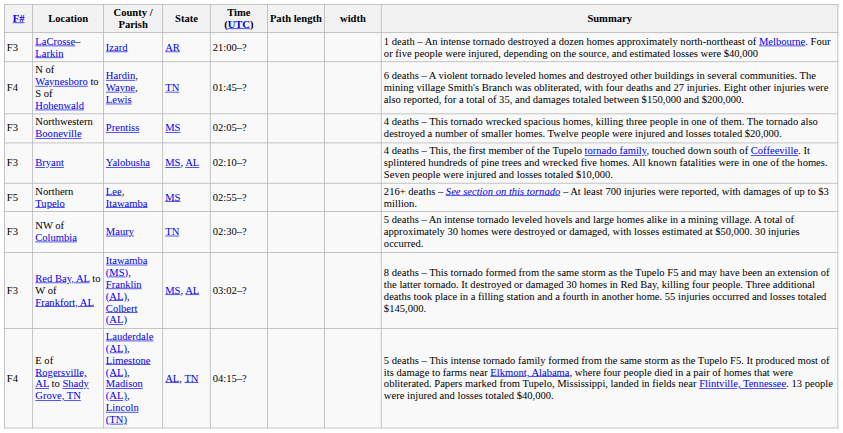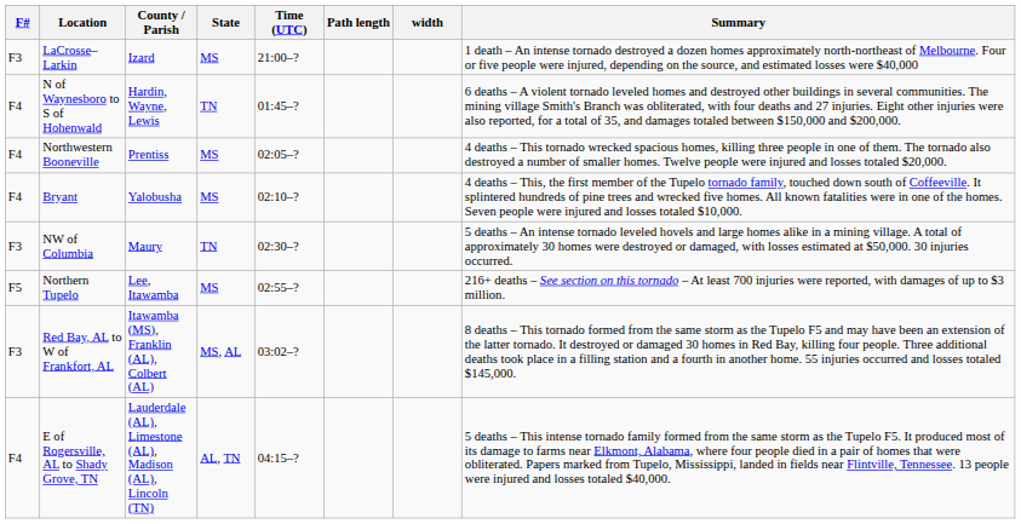 <table class="wikitable sortable" style="width:100%;">
 <tr>
 <th scope="col"  style="width:3%; text-align:center;"><a href='#'>F#</a></th>
 <th scope="col"  style="width:7%; text-align:center;" class="unsortable">Location</th>
 <th scope="col"  style="width:6%; text-align:center;" class="unsortable">County / Parish</th>
 <th scope="col"  style="width:5%; text-align:center;">State</th>
 <th scope="col"  style="width:6%; text-align:center;">Time (<a href='#'>UTC</a>)</th>
 <th scope="col"  style="width:6%; text-align:center;">Path length</th>
 <th scope="col"  style="width:6%; text-align:center;"> width</th>
 <th scope="col" class="unsortable" style="width:48%; text-align:center;">Summary</th>
 </tr>
 <tr>
 <td>F3</td>
 <td><a href='#'>LaCrosse</a>–<a href='#'>Larkin</a></td>
 <td><a href='#'>Izard</a></td>
-<td><a href='#'>AR</a></td>
+<td><a href='#'>MS</a></td>
 <td>21:00–?</td>
 <td></td>
 <td></td>
 <td>1 death – An intense tornado destroyed a dozen homes approximately  north-northeast of <a href='#'>Melbourne</a>. Four or five people were injured, depending on the source, and estimated losses were $40,000</td>
 </tr>
 <tr>
 <td>F4</td>
 <td>N of <a href='#'>Waynesboro</a> to S of <a href='#'>Hohenwald</a></td>
 <td><a href='#'>Hardin</a>, <a href='#'>Wayne</a>, <a href='#'>Lewis</a></td>
 <td><a href='#'>TN</a></td>
 <td>01:45–?</td>
 <td></td>
 <td></td>
 <td>6 deaths – A violent tornado leveled homes and destroyed other buildings in several communities. The mining village Smith's Branch was obliterated, with four deaths and 27 injuries. Eight other injuries were also reported, for a total of 35, and damages totaled between $150,000 and $200,000. </td>
 </tr>
 <tr>
-<td>F3</td>
+<td>F4</td>
 <td>Northwestern <a href='#'>Booneville</a></td>
 <td><a href='#'>Prentiss</a></td>
 <td><a href='#'>MS</a></td>
 <td>02:05–?</td>
 <td></td>
 <td></td>
 <td>4 deaths – This tornado wrecked spacious homes, killing three people in one of them. The tornado also destroyed a number of smaller homes. Twelve people were injured and losses totaled $20,000.</td>
 </tr>
 <tr>
-<td>F3</td>
+<td>F4</td>
 <td><a href='#'>Bryant</a></td>
 <td><a href='#'>Yalobusha</a></td>
-<td><a href='#'>MS</a>, <a href='#'>AL</a></td>
+<td><a href='#'>MS</a></td>
 <td>02:10–?</td>
 <td></td>
 <td></td>
 <td>4 deaths – This, the first member of the Tupelo <a href='#'>tornado family</a>, touched down south of <a href='#'>Coffeeville</a>. It splintered hundreds of pine trees and wrecked five homes. All known fatalities were in one of the homes. Seven people were injured and losses totaled $10,000.</td>
+</tr>
+<tr>
+<td>F3</td>
+<td>NW of <a href='#'>Columbia</a></td>
+<td><a href='#'>Maury</a></td>
+<td><a href='#'>TN</a></td>
+<td>02:30–?</td>
+<td></td>
+<td></td>
+<td>5 deaths – An intense tornado leveled hovels and large homes alike in a mining village. A total of approximately 30 homes were destroyed or damaged, with losses estimated at $50,000. 30 injuries occurred.</td>
 </tr>
 <tr>
 <td>F5</td>
 <td>Northern <a href='#'>Tupelo</a></td>
 <td><a href='#'>Lee</a>, <a href='#'>Itawamba</a></td>
 <td><a href='#'>MS</a></td>
 <td>02:55–?</td>
 <td></td>
 <td></td>
 <td>216+ deaths – <em><a href='#'>See section on this tornado</a></em> – At least 700 injuries were reported, with damages of up to $3 million.</td>
-</tr>
-<tr>
-<td>F3</td>
-<td>NW of <a href='#'>Columbia</a></td>
-<td><a href='#'>Maury</a></td>
-<td><a href='#'>TN</a></td>
-<td>02:30–?</td>
-<td></td>
-<td></td>
-<td>5 deaths – An intense tornado leveled hovels and large homes alike in a mining village. A total of approximately 30 homes were destroyed or damaged, with losses estimated at $50,000. 30 injuries occurred.</td>
 </tr>
 <tr>
 <td>F3</td>
 <td><a href='#'>Red Bay, AL</a> to W of <a href='#'>Frankfort, AL</a></td>
 <td><a href='#'>Itawamba (MS)</a>, <a href='#'>Franklin (AL)</a>, <a href='#'>Colbert (AL)</a></td>
 <td><a href='#'>MS</a>, <a href='#'>AL</a></td>
 <td>03:02–?</td>
 <td></td>
 <td></td>
 <td>8 deaths – This tornado formed from the same storm as the Tupelo F5 and may have been an extension of the latter tornado. It destroyed or damaged 30 homes in Red Bay, killing four people. Three additional deaths took place in a filling station and a fourth in another home. 55 injuries occurred and losses totaled $145,000.</td>
 </tr>
 <tr>
 <td>F4</td>
 <td>E of <a href='#'>Rogersville, AL</a> to <a href='#'>Shady Grove, TN</a></td>
 <td><a href='#'>Lauderdale (AL)</a>, <a href='#'>Limestone (AL)</a>, <a href='#'>Madison (AL)</a>, <a href='#'>Lincoln (TN)</a></td>
 <td><a href='#'>AL</a>, <a href='#'>TN</a></td>
 <td>04:15–?</td>
 <td></td>
 <td></td>
 <td>5 deaths – This intense tornado family formed from the same storm as the Tupelo F5. It produced most of its damage to farms near <a href='#'>Elkmont, Alabama</a>, where four people died in a pair of homes that were obliterated. Papers marked from Tupelo, Mississippi, landed in fields near <a href='#'>Flintville, Tennessee</a>. 13 people were injured and losses totaled $40,000.</td>
 </tr>
 </table>
